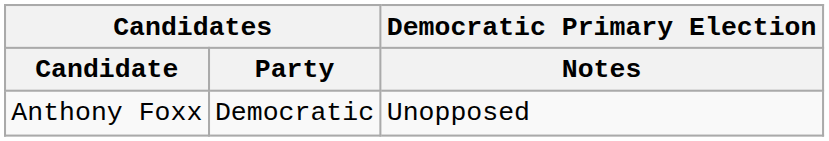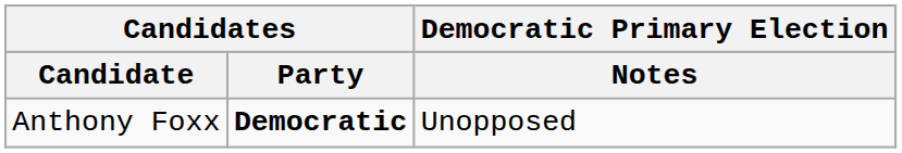 <table class=wikitable>
 <tr>
 <th colspan=2>Candidates</th>
 <th colspan=2>Democratic Primary Election</th>
 </tr>
 <tr>
 <th>Candidate</th>
 <th>Party</th>
 <th>Notes</th>
 </tr>
 <tr>
 <td>Anthony Foxx</td>
-<td>Democratic</td>
+<td><strong>Democratic</strong></td>
 <td>Unopposed</td>
 </tr>
 </table>
